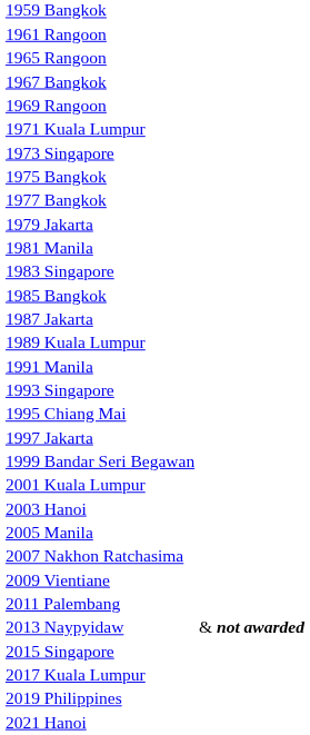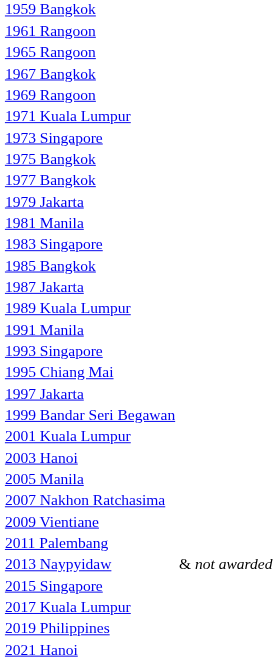 <table>
 <tr>
 <td><a href='#'>1959 Bangkok</a></td>
 <td></td>
 <td></td>
 <td></td>
 </tr>
 <tr>
 <td><a href='#'>1961 Rangoon</a></td>
 <td></td>
 <td></td>
 <td></td>
 </tr>
 <tr>
 <td><a href='#'>1965 Rangoon</a></td>
 <td></td>
 <td></td>
 <td></td>
 </tr>
 <tr>
 <td><a href='#'>1967 Bangkok</a></td>
 <td></td>
 <td></td>
 <td></td>
 </tr>
 <tr>
 <td><a href='#'>1969 Rangoon</a></td>
 <td></td>
 <td></td>
 <td></td>
 </tr>
 <tr>
 <td><a href='#'>1971 Kuala Lumpur</a></td>
 <td></td>
 <td></td>
 <td></td>
 </tr>
 <tr>
 <td><a href='#'>1973 Singapore</a></td>
 <td></td>
 <td></td>
 <td></td>
 </tr>
 <tr>
 <td><a href='#'>1975 Bangkok</a></td>
 <td></td>
 <td></td>
 <td></td>
 </tr>
 <tr>
 <td><a href='#'>1977 Bangkok</a></td>
 <td></td>
 <td></td>
 <td></td>
 </tr>
 <tr>
 <td><a href='#'>1979 Jakarta</a></td>
 <td></td>
 <td></td>
 <td></td>
 </tr>
 <tr>
 <td><a href='#'>1981 Manila</a></td>
 <td></td>
 <td></td>
 <td></td>
 </tr>
 <tr>
 <td><a href='#'>1983 Singapore</a></td>
 <td></td>
 <td></td>
 <td></td>
 </tr>
 <tr>
 <td><a href='#'>1985 Bangkok</a></td>
 <td></td>
 <td></td>
 <td></td>
 </tr>
 <tr>
 <td><a href='#'>1987 Jakarta</a></td>
 <td></td>
 <td></td>
 <td></td>
 </tr>
 <tr>
 <td><a href='#'>1989 Kuala Lumpur</a></td>
 <td></td>
 <td></td>
 <td></td>
 </tr>
 <tr>
 <td><a href='#'>1991 Manila</a></td>
 <td></td>
 <td></td>
 <td></td>
 </tr>
 <tr>
 <td><a href='#'>1993 Singapore</a></td>
 <td></td>
 <td></td>
 <td></td>
 </tr>
 <tr>
 <td><a href='#'>1995 Chiang Mai</a></td>
 <td></td>
 <td></td>
 <td></td>
 </tr>
 <tr>
 <td><a href='#'>1997 Jakarta</a></td>
 <td></td>
 <td></td>
 <td></td>
 </tr>
 <tr>
 <td><a href='#'>1999 Bandar Seri Begawan</a></td>
 <td></td>
 <td></td>
 <td></td>
 </tr>
 <tr>
 <td><a href='#'>2001 Kuala Lumpur</a></td>
 <td></td>
 <td></td>
 <td></td>
 </tr>
 <tr>
 <td><a href='#'>2003 Hanoi</a></td>
 <td></td>
 <td></td>
 <td></td>
 </tr>
 <tr>
 <td><a href='#'>2005 Manila</a></td>
 <td></td>
 <td></td>
 <td></td>
 </tr>
 <tr>
 <td><a href='#'>2007 Nakhon Ratchasima</a></td>
 <td></td>
 <td></td>
 <td></td>
 </tr>
 <tr>
 <td><a href='#'>2009 Vientiane</a></td>
 <td></td>
 <td></td>
 <td></td>
 </tr>
 <tr>
 <td><a href='#'>2011 Palembang</a></td>
 <td></td>
 <td></td>
 <td></td>
 </tr>
 <tr>
 <td><a href='#'>2013 Naypyidaw</a></td>
 <td> & <br> </td>
-<td><strong><em>not awarded</em></strong></td>
+<td><em>not awarded</em></td>
 <td></td>
 </tr>
 <tr>
 <td><a href='#'>2015 Singapore</a></td>
 <td></td>
 <td></td>
 <td></td>
 </tr>
 <tr>
 <td><a href='#'>2017 Kuala Lumpur</a></td>
 <td></td>
 <td></td>
 <td></td>
 </tr>
 <tr>
 <td><a href='#'>2019 Philippines</a></td>
 <td></td>
 <td></td>
 <td></td>
 </tr>
 <tr>
 <td><a href='#'>2021 Hanoi</a></td>
 <td></td>
 <td></td>
 <td></td>
 </tr>
 <tr>
 </tr>
 </table>
